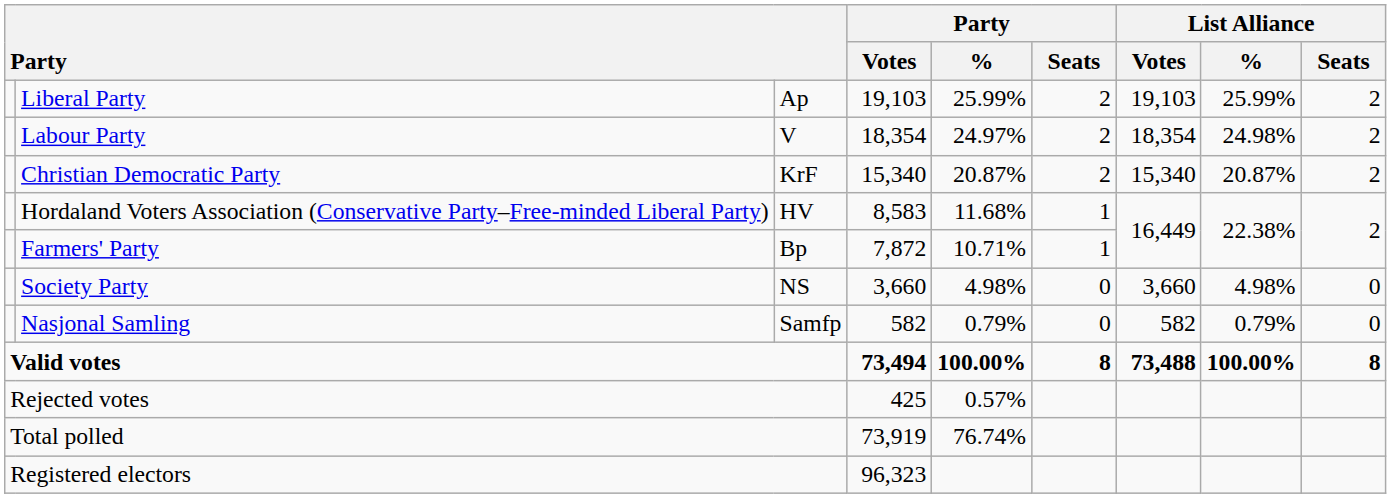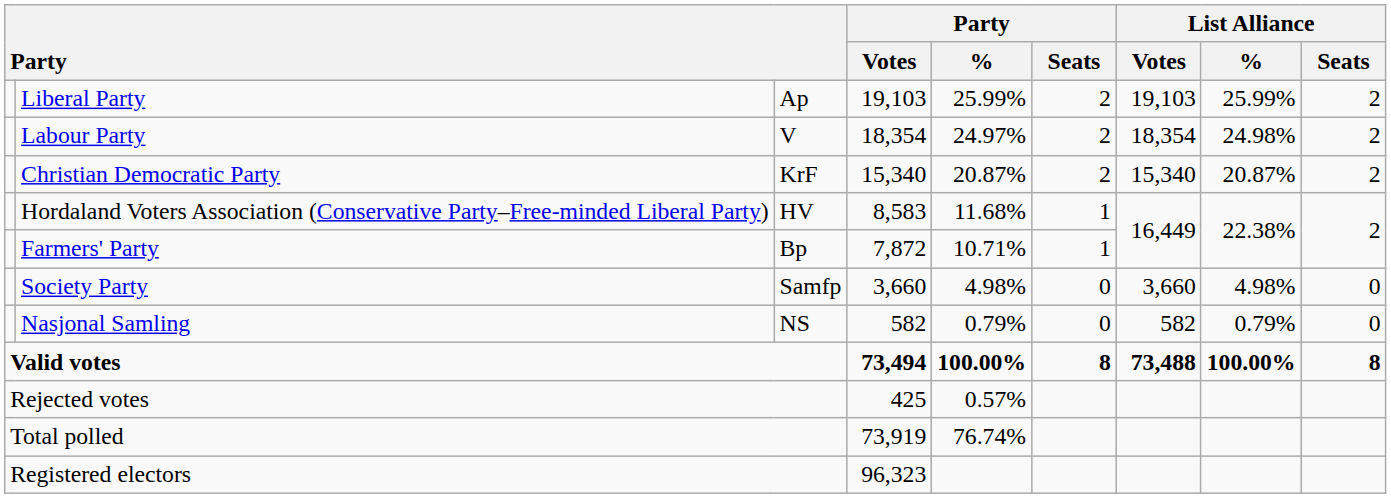 <table class="wikitable" border="1" style="text-align:right;">
 <tr>
 <th style="text-align:left;" valign=bottom rowspan=2 colspan=3>Party</th>
 <th colspan=3>Party</th>
 <th colspan=3>List Alliance</th>
 </tr>
 <tr>
 <th align=center valign=bottom width="50">Votes</th>
 <th align=center valign=bottom width="50">%</th>
 <th align=center valign=bottom width="50">Seats</th>
 <th align=center valign=bottom width="50">Votes</th>
 <th align=center valign=bottom width="50">%</th>
 <th align=center valign=bottom width="50">Seats</th>
 </tr>
 <tr>
 <td style="color:inherit;background:"></td>
 <td align=left><a href='#'>Liberal Party</a></td>
 <td align=left>Ap</td>
 <td>19,103</td>
 <td>25.99%</td>
 <td>2</td>
 <td>19,103</td>
 <td>25.99%</td>
 <td>2</td>
 </tr>
 <tr>
 <td style="color:inherit;background:"></td>
 <td align=left><a href='#'>Labour Party</a></td>
 <td align=left>V</td>
 <td>18,354</td>
 <td>24.97%</td>
 <td>2</td>
 <td>18,354</td>
 <td>24.98%</td>
 <td>2</td>
 </tr>
 <tr>
 <td style="color:inherit;background:"></td>
 <td align=left><a href='#'>Christian Democratic Party</a></td>
 <td align=left>KrF</td>
 <td>15,340</td>
 <td>20.87%</td>
 <td>2</td>
 <td>15,340</td>
 <td>20.87%</td>
 <td>2</td>
 </tr>
 <tr>
 <td></td>
 <td align=left>Hordaland Voters Association (<a href='#'>Conservative Party</a>–<a href='#'>Free-minded Liberal Party</a>)</td>
 <td align=left>HV</td>
 <td>8,583</td>
 <td>11.68%</td>
 <td>1</td>
 <td rowspan=2>16,449</td>
 <td rowspan=2>22.38%</td>
 <td rowspan=2>2</td>
 </tr>
 <tr>
 <td style="color:inherit;background:"></td>
 <td align=left><a href='#'>Farmers' Party</a></td>
 <td align=left>Bp</td>
 <td>7,872</td>
 <td>10.71%</td>
 <td>1</td>
 </tr>
 <tr>
 <td></td>
 <td align=left><a href='#'>Society Party</a></td>
-<td align=left>NS</td>
+<td align=left>Samfp</td>
 <td>3,660</td>
 <td>4.98%</td>
 <td>0</td>
 <td>3,660</td>
 <td>4.98%</td>
 <td>0</td>
 </tr>
 <tr>
 <td style="color:inherit;background:"></td>
 <td align=left><a href='#'>Nasjonal Samling</a></td>
-<td align=left>Samfp</td>
+<td align=left>NS</td>
 <td>582</td>
 <td>0.79%</td>
 <td>0</td>
 <td>582</td>
 <td>0.79%</td>
 <td>0</td>
 </tr>
 <tr style="font-weight:bold">
 <td align=left colspan=3>Valid votes</td>
 <td>73,494</td>
 <td>100.00%</td>
 <td>8</td>
 <td>73,488</td>
 <td>100.00%</td>
 <td>8</td>
 </tr>
 <tr>
 <td align=left colspan=3>Rejected votes</td>
 <td>425</td>
 <td>0.57%</td>
 <td></td>
 <td></td>
 <td></td>
 <td></td>
 </tr>
 <tr>
 <td align=left colspan=3>Total polled</td>
 <td>73,919</td>
 <td>76.74%</td>
 <td></td>
 <td></td>
 <td></td>
 <td></td>
 </tr>
 <tr>
 <td align=left colspan=3>Registered electors</td>
 <td>96,323</td>
 <td></td>
 <td></td>
 <td></td>
 <td></td>
 <td></td>
 </tr>
 </table>
